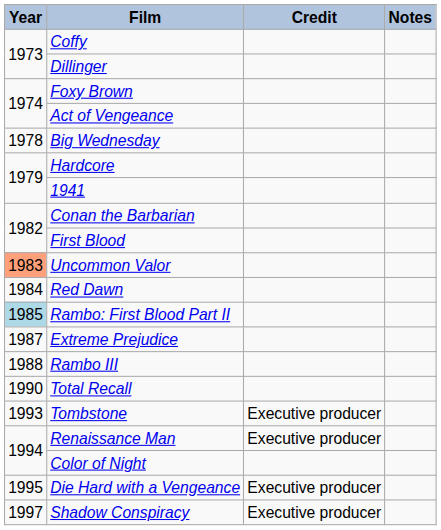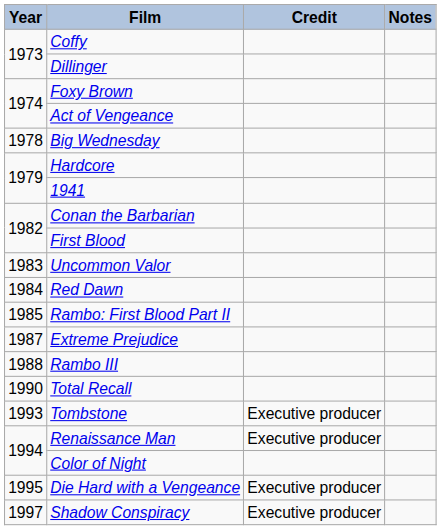 <table class="wikitable" style="font-size:95%;">
 <tr>
 <th style="background:#B0C4DE;">Year</th>
 <th style="background:#B0C4DE;">Film</th>
 <th style="background:#B0C4DE;">Credit</th>
 <th style="background:#B0C4DE;">Notes</th>
 </tr>
 <tr>
 <td rowspan=2>1973</td>
 <td><em><a href='#'>Coffy</a></em></td>
 <td></td>
 <td></td>
 </tr>
 <tr>
 <td><em><a href='#'>Dillinger</a></em></td>
 <td></td>
 <td></td>
 </tr>
 <tr>
 <td rowspan=2>1974</td>
 <td><em><a href='#'>Foxy Brown</a></em></td>
 <td></td>
 <td></td>
 </tr>
 <tr>
 <td><em><a href='#'>Act of Vengeance</a></em></td>
 <td></td>
 <td></td>
 </tr>
 <tr>
 <td>1978</td>
 <td><em><a href='#'>Big Wednesday</a></em></td>
 <td></td>
 <td></td>
 </tr>
 <tr>
 <td rowspan=2>1979</td>
 <td><em><a href='#'>Hardcore</a></em></td>
 <td></td>
 <td></td>
 </tr>
 <tr>
 <td><em><a href='#'>1941</a></em></td>
 <td></td>
 <td></td>
 </tr>
 <tr>
 <td rowspan=2>1982</td>
 <td><em><a href='#'>Conan the Barbarian</a></em></td>
 <td></td>
 <td></td>
 </tr>
 <tr>
 <td><em><a href='#'>First Blood</a></em></td>
 <td></td>
 <td></td>
 </tr>
 <tr>
-<td style="background: lightsalmon;">1983</td>
+<td>1983</td>
 <td><em><a href='#'>Uncommon Valor</a></em></td>
 <td></td>
 <td></td>
 </tr>
 <tr>
 <td>1984</td>
 <td><em><a href='#'>Red Dawn</a></em></td>
 <td></td>
 <td></td>
 </tr>
 <tr>
-<td style="background: lightblue;">1985</td>
+<td>1985</td>
 <td><em><a href='#'>Rambo: First Blood Part II</a></em></td>
 <td></td>
 <td></td>
 </tr>
 <tr>
 <td>1987</td>
 <td><em><a href='#'>Extreme Prejudice</a></em></td>
 <td></td>
 <td></td>
 </tr>
 <tr>
 <td>1988</td>
 <td><em><a href='#'>Rambo III</a></em></td>
 <td></td>
 <td></td>
 </tr>
 <tr>
 <td>1990</td>
 <td><em><a href='#'>Total Recall</a></em></td>
 <td></td>
 <td></td>
 </tr>
 <tr>
 <td>1993</td>
 <td><em><a href='#'>Tombstone</a></em></td>
 <td>Executive producer</td>
 <td></td>
 </tr>
 <tr>
 <td rowspan=2>1994</td>
 <td><em><a href='#'>Renaissance Man</a></em></td>
 <td>Executive producer</td>
 <td></td>
 </tr>
 <tr>
 <td><em><a href='#'>Color of Night</a></em></td>
 <td></td>
 <td></td>
 </tr>
 <tr>
 <td>1995</td>
 <td><em><a href='#'>Die Hard with a Vengeance</a></em></td>
 <td>Executive producer</td>
 <td></td>
 </tr>
 <tr>
 <td>1997</td>
 <td><em><a href='#'>Shadow Conspiracy</a></em></td>
 <td>Executive producer</td>
 <td></td>
 </tr>
 </table>
